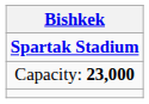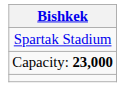 <table class="wikitable" style="margin:1em auto; text-align:center">
 <tr>
 <th><a href='#'>Bishkek</a></th>
 </tr>
 <tr>
-<td><strong><a href='#'>Spartak Stadium</a></strong></td>
+<td><a href='#'>Spartak Stadium</a></td>
 </tr>
 <tr>
 <td>Capacity: <strong>23,000</strong></td>
 </tr>
 <tr>
 <td></td>
 </tr>
 </table>
